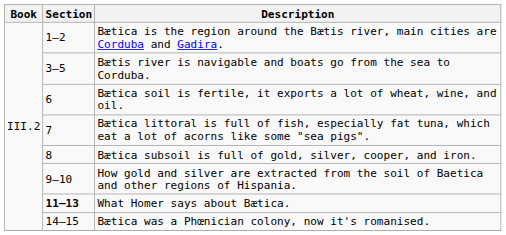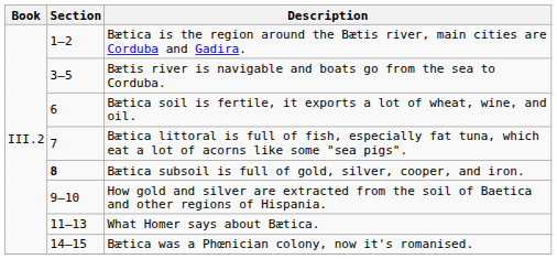 <table class="wikitable" style="max-width:45em;">
 <tr>
 <th>Book</th>
 <th>Section</th>
 <th>Description</th>
 </tr>
 <tr>
 <td rowspan="8">III.2</td>
 <td>1–2</td>
 <td>Bætica is the region around the Bætis river, main cities are <a href='#'>Corduba</a> and <a href='#'>Gadira</a>.</td>
 </tr>
 <tr>
 <td>3–5</td>
 <td>Bætis river is navigable and boats go from the sea to Corduba.</td>
 </tr>
 <tr>
 <td>6</td>
 <td>Bætica soil is fertile, it exports a lot of wheat, wine, and oil.</td>
 </tr>
 <tr>
 <td>7</td>
 <td>Bætica littoral is full of fish, especially fat tuna, which eat a lot of acorns like some "sea pigs".</td>
 </tr>
 <tr>
-<td>8</td>
+<td><strong>8</strong></td>
 <td>Bætica subsoil is full of gold, silver, cooper, and iron.</td>
 </tr>
 <tr>
 <td>9–10</td>
 <td>How gold and silver are extracted from the soil of Baetica and other regions of Hispania.</td>
 </tr>
 <tr>
-<td><strong>11–13</strong></td>
+<td>11–13</td>
 <td>What Homer says about Bætica.</td>
 </tr>
 <tr>
 <td>14–15</td>
 <td>Bætica was a Phœnician colony, now it's romanised.</td>
 </tr>
 <tr>
 </tr>
 </table>
